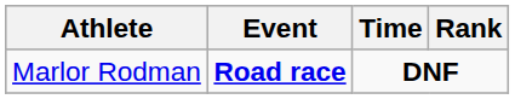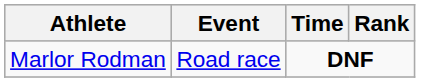 <table class="wikitable" style="font-size:90%">
 <tr>
 <th>Athlete</th>
 <th>Event</th>
 <th>Time</th>
 <th>Rank</th>
 </tr>
 <tr>
 <td><a href='#'>Marlor Rodman</a></td>
-<td align=center><strong><a href='#'>Road race</a></strong></td>
+<td align=center><a href='#'>Road race</a></td>
 <td align=center colspan=2><strong>DNF</strong></td>
 </tr>
 </table>
